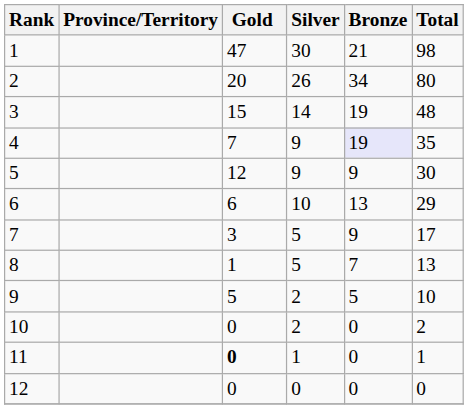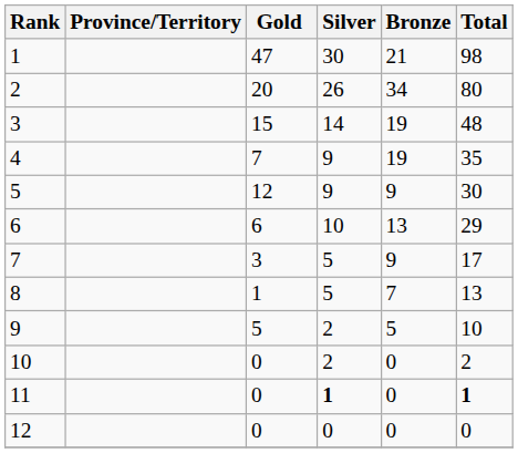 <table class="wikitable">
 <tr>
 <th><strong>Rank</strong></th>
 <th><strong>Province/Territory</strong></th>
 <th bgcolor="gold"><strong> Gold  </strong></th>
 <th bgcolor="silver"><strong>Silver</strong></th>
 <th bgcolor="CC9966"><strong>Bronze</strong></th>
 <th><strong>Total</strong></th>
 </tr>
 <tr>
 <td>1</td>
 <td></td>
 <td>47</td>
 <td>30</td>
 <td>21</td>
 <td>98</td>
 </tr>
 <tr>
 <td>2</td>
 <td></td>
 <td>20</td>
 <td>26</td>
 <td>34</td>
 <td>80</td>
 </tr>
 <tr>
 <td>3</td>
 <td></td>
 <td>15</td>
 <td>14</td>
 <td>19</td>
 <td>48</td>
 </tr>
 <tr>
 <td>4</td>
 <td></td>
 <td>7</td>
 <td>9</td>
-<td style="background: lavender;">19</td>
+<td>19</td>
 <td>35</td>
 </tr>
 <tr>
 <td>5</td>
 <td></td>
 <td>12</td>
 <td>9</td>
 <td>9</td>
 <td>30</td>
 </tr>
 <tr>
 <td>6</td>
 <td></td>
 <td>6</td>
 <td>10</td>
 <td>13</td>
 <td>29</td>
 </tr>
 <tr>
 <td>7</td>
 <td></td>
 <td>3</td>
 <td>5</td>
 <td>9</td>
 <td>17</td>
 </tr>
 <tr>
 <td>8</td>
 <td></td>
 <td>1</td>
 <td>5</td>
 <td>7</td>
 <td>13</td>
 </tr>
 <tr>
 <td>9</td>
 <td><strong></strong></td>
 <td>5</td>
 <td>2</td>
 <td>5</td>
 <td>10</td>
 </tr>
 <tr>
 <td>10</td>
 <td></td>
 <td>0</td>
 <td>2</td>
 <td>0</td>
 <td>2</td>
 </tr>
 <tr>
 <td>11</td>
 <td></td>
-<td><strong>0</strong></td>
-<td>1</td>
 <td>0</td>
-<td>1</td>
+<td><strong>1</strong></td>
+<td>0</td>
+<td><strong>1</strong></td>
 </tr>
 <tr>
 <td>12</td>
 <td></td>
 <td>0</td>
 <td>0</td>
 <td>0</td>
 <td>0</td>
 </tr>
 <tr>
 </tr>
 </table>
